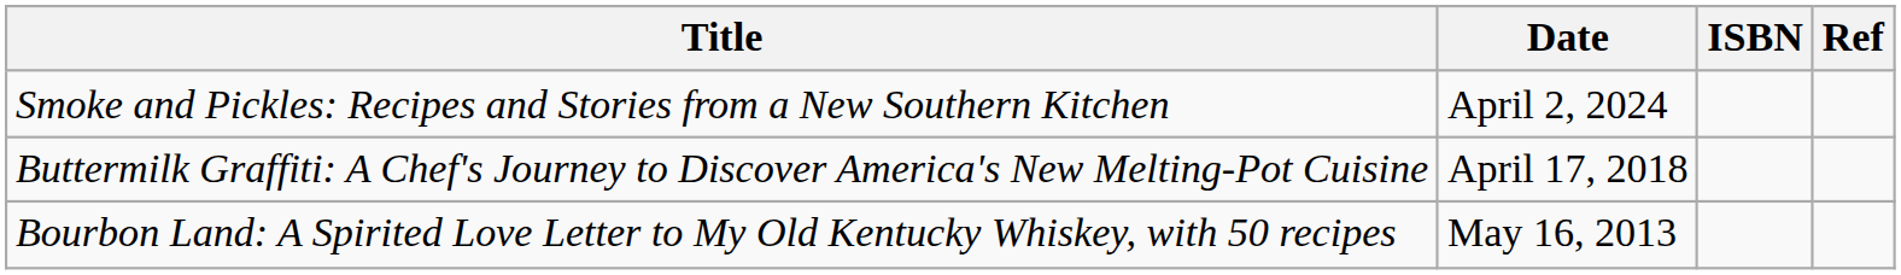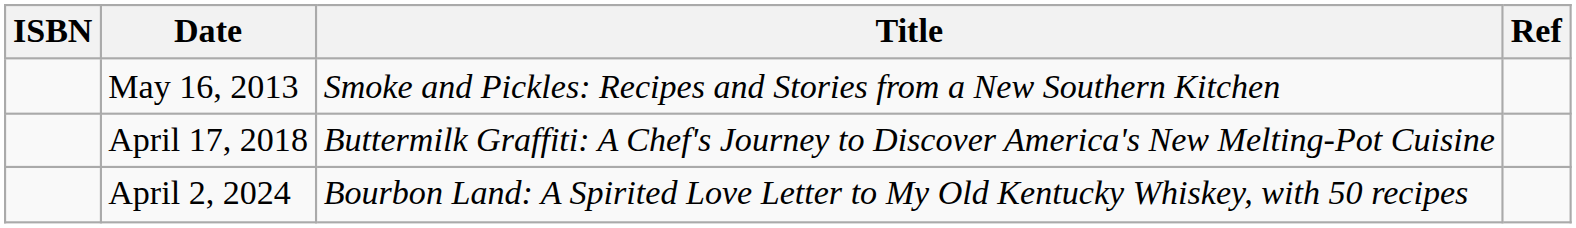 <table class="wikitable">
 <tr>
+<th>ISBN</th>
+<th>Date</th>
 <th>Title</th>
-<th>Date</th>
-<th>ISBN</th>
 <th>Ref</th>
 </tr>
 <tr>
+<td></td>
+<td>May 16, 2013</td>
 <td><em>Smoke and Pickles: Recipes and Stories from a New Southern Kitchen</em></td>
-<td>April 2, 2024</td>
-<td></td>
 <td></td>
 </tr>
 <tr>
+<td></td>
+<td>April 17, 2018</td>
 <td><em>Buttermilk Graffiti: A Chef's Journey to Discover America's New Melting-Pot Cuisine</em></td>
-<td>April 17, 2018</td>
-<td></td>
 <td></td>
 </tr>
 <tr>
+<td></td>
+<td>April 2, 2024</td>
 <td><em>Bourbon Land: A Spirited Love Letter to My Old Kentucky Whiskey, with 50 recipes</em></td>
-<td>May 16, 2013</td>
-<td></td>
 <td></td>
 </tr>
 </table>
